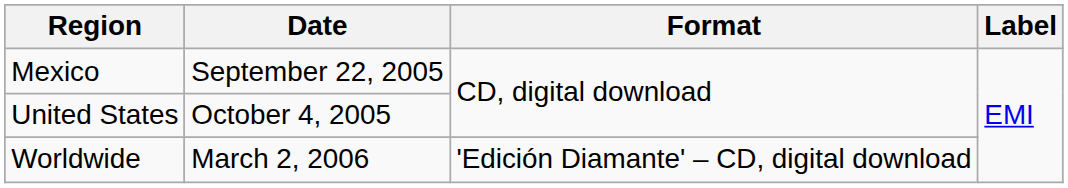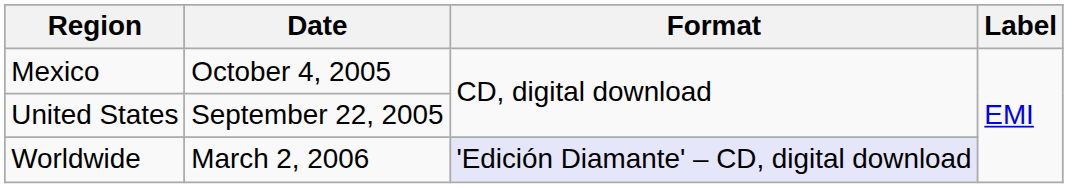 <table class="wikitable">
 <tr>
 <th>Region</th>
 <th>Date</th>
 <th>Format</th>
 <th>Label</th>
 </tr>
 <tr>
 <td>Mexico</td>
-<td style="text-align:left;">September 22, 2005</td>
+<td style="text-align:left;">October 4, 2005</td>
 <td rowspan="2">CD, digital download</td>
 <td rowspan="3"><a href='#'>EMI</a></td>
 </tr>
 <tr>
 <td>United States</td>
-<td style="text-align:left;">October 4, 2005</td>
+<td style="text-align:left;">September 22, 2005</td>
 </tr>
 <tr>
 <td>Worldwide</td>
 <td style="text-align:left;">March 2, 2006</td>
-<td>'Edición Diamante' – CD, digital download</td>
+<td style="background: lavender;">'Edición Diamante' – CD, digital download</td>
 </tr>
 </table>
